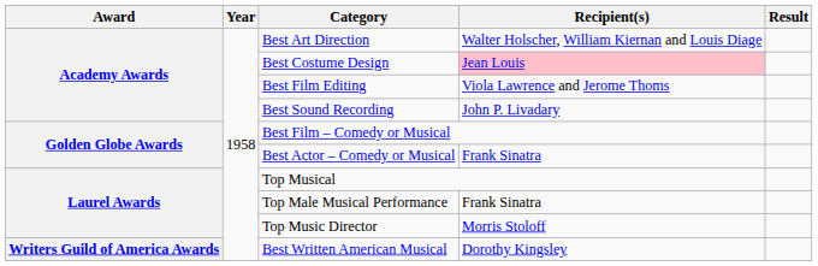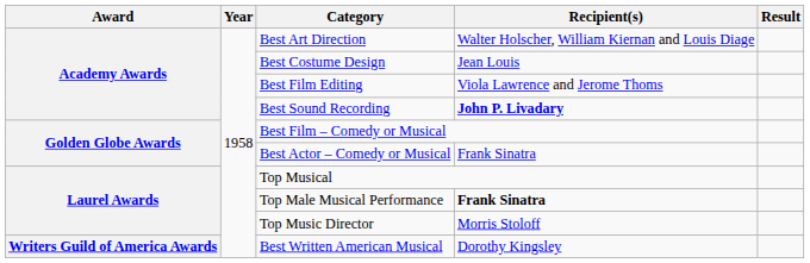 <table class="wikitable plainrowheaders">
 <tr>
 <th scope="col">Award</th>
 <th scope="col">Year</th>
 <th scope="col">Category</th>
 <th scope="col">Recipient(s)</th>
 <th scope="col">Result</th>
 </tr>
 <tr>
 <th scope="row" rowspan="4"><a href='#'>Academy Awards</a></th>
 <td rowspan="10">1958</td>
 <td><a href='#'>Best Art Direction</a></td>
 <td><a href='#'>Walter Holscher</a>, <a href='#'>William Kiernan</a> and <a href='#'>Louis Diage</a></td>
 <td></td>
 </tr>
 <tr>
 <td><a href='#'>Best Costume Design</a></td>
-<td style="background: pink;"><a href='#'>Jean Louis</a></td>
+<td><a href='#'>Jean Louis</a></td>
 <td></td>
 </tr>
 <tr>
 <td><a href='#'>Best Film Editing</a></td>
 <td><a href='#'>Viola Lawrence</a> and <a href='#'>Jerome Thoms</a></td>
 <td></td>
 </tr>
 <tr>
 <td><a href='#'>Best Sound Recording</a></td>
-<td><a href='#'>John P. Livadary</a></td>
+<td><strong><a href='#'>John P. Livadary</a></strong></td>
 <td></td>
 </tr>
 <tr>
 <th scope="row" rowspan="2"><a href='#'>Golden Globe Awards</a></th>
 <td colspan="2"><a href='#'>Best Film – Comedy or Musical</a></td>
 <td></td>
 </tr>
 <tr>
 <td><a href='#'>Best Actor – Comedy or Musical</a></td>
 <td><a href='#'>Frank Sinatra</a></td>
 <td></td>
 </tr>
 <tr>
 <th scope="row" rowspan="3"><a href='#'>Laurel Awards</a></th>
 <td colspan="2">Top Musical</td>
 <td></td>
 </tr>
 <tr>
 <td>Top Male Musical Performance</td>
-<td>Frank Sinatra</td>
+<td><strong>Frank Sinatra</strong></td>
 <td></td>
 </tr>
 <tr>
 <td>Top Music Director</td>
 <td><a href='#'>Morris Stoloff</a></td>
 <td></td>
 </tr>
 <tr>
 <th scope="row"><a href='#'>Writers Guild of America Awards</a></th>
 <td><a href='#'>Best Written American Musical</a></td>
 <td><a href='#'>Dorothy Kingsley</a></td>
 <td></td>
 </tr>
 </table>
